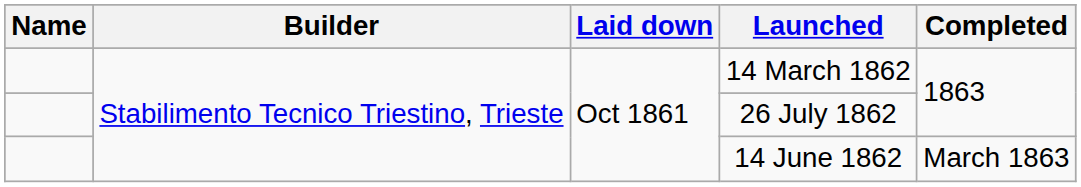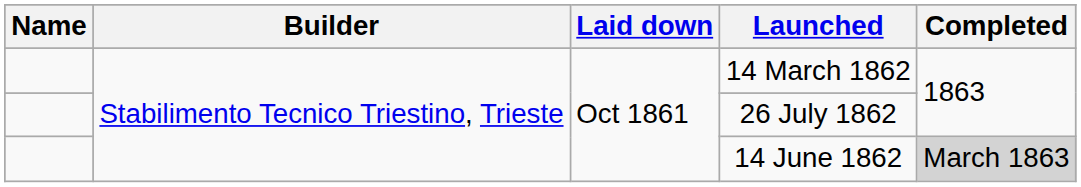 <table class=wikitable>
 <tr valign=top>
 <th>Name</th>
 <th>Builder</th>
 <th><a href='#'>Laid down</a></th>
 <th><a href='#'>Launched</a></th>
 <th>Completed</th>
 </tr>
 <tr valign=middle>
 <td></td>
 <td rowspan="3"><a href='#'>Stabilimento Tecnico Triestino</a>, <a href='#'>Trieste</a></td>
 <td rowspan="3">Oct 1861</td>
 <td align=center>14 March 1862</td>
 <td rowspan="2">1863</td>
 </tr>
 <tr valign=middle>
 <td></td>
 <td align=center>26 July 1862</td>
 </tr>
 <tr valign=middle>
 <td></td>
 <td align=center>14 June 1862</td>
-<td align=center>March 1863</td>
+<td align=center style="background: lightgrey;">March 1863</td>
 </tr>
 </table>
